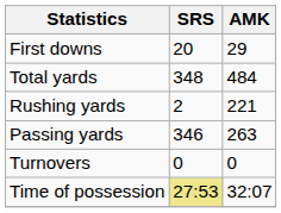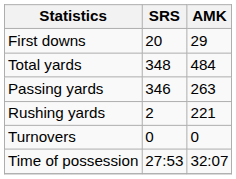 <table class="wikitable" style="float: left;">
 <tr>
 <th>Statistics</th>
 <th>SRS</th>
 <th>AMK</th>
 </tr>
 <tr>
 <td>First downs</td>
 <td>20</td>
 <td>29</td>
 </tr>
 <tr>
 <td>Total yards</td>
 <td>348</td>
 <td>484</td>
 </tr>
 <tr>
+<td>Passing yards</td>
+<td>346</td>
+<td>263</td>
+</tr>
+<tr>
 <td>Rushing yards</td>
 <td>2</td>
 <td>221</td>
-</tr>
-<tr>
-<td>Passing yards</td>
-<td>346</td>
-<td>263</td>
 </tr>
 <tr>
 <td>Turnovers</td>
 <td>0</td>
 <td>0</td>
 </tr>
 <tr>
 <td>Time of possession</td>
-<td style="background: khaki;">27:53</td>
+<td>27:53</td>
 <td>32:07</td>
 </tr>
 <tr>
 </tr>
 </table>
